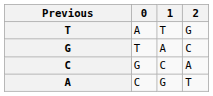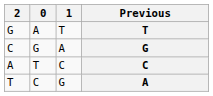 <table class="wikitable" style="width: 250px;">
 <tr>
-<th>Previous</th>
+<th>2</th>
 <th>0</th>
 <th>1</th>
-<th>2</th>
+<th>Previous</th>
 </tr>
 <tr>
-<th>T</th>
+<td>G</td>
 <td>A</td>
 <td>T</td>
-<td>G</td>
+<th>T</th>
 </tr>
 <tr>
+<td>C</td>
+<td>G</td>
+<td>A</td>
 <th>G</th>
-<td>T</td>
-<td>A</td>
-<td>C</td>
 </tr>
 <tr>
+<td>A</td>
+<td>T</td>
+<td>C</td>
 <th>C</th>
-<td>G</td>
-<td>C</td>
-<td>A</td>
 </tr>
 <tr>
-<th>A</th>
+<td>T</td>
 <td>C</td>
 <td>G</td>
-<td>T</td>
+<th>A</th>
 </tr>
 </table>
